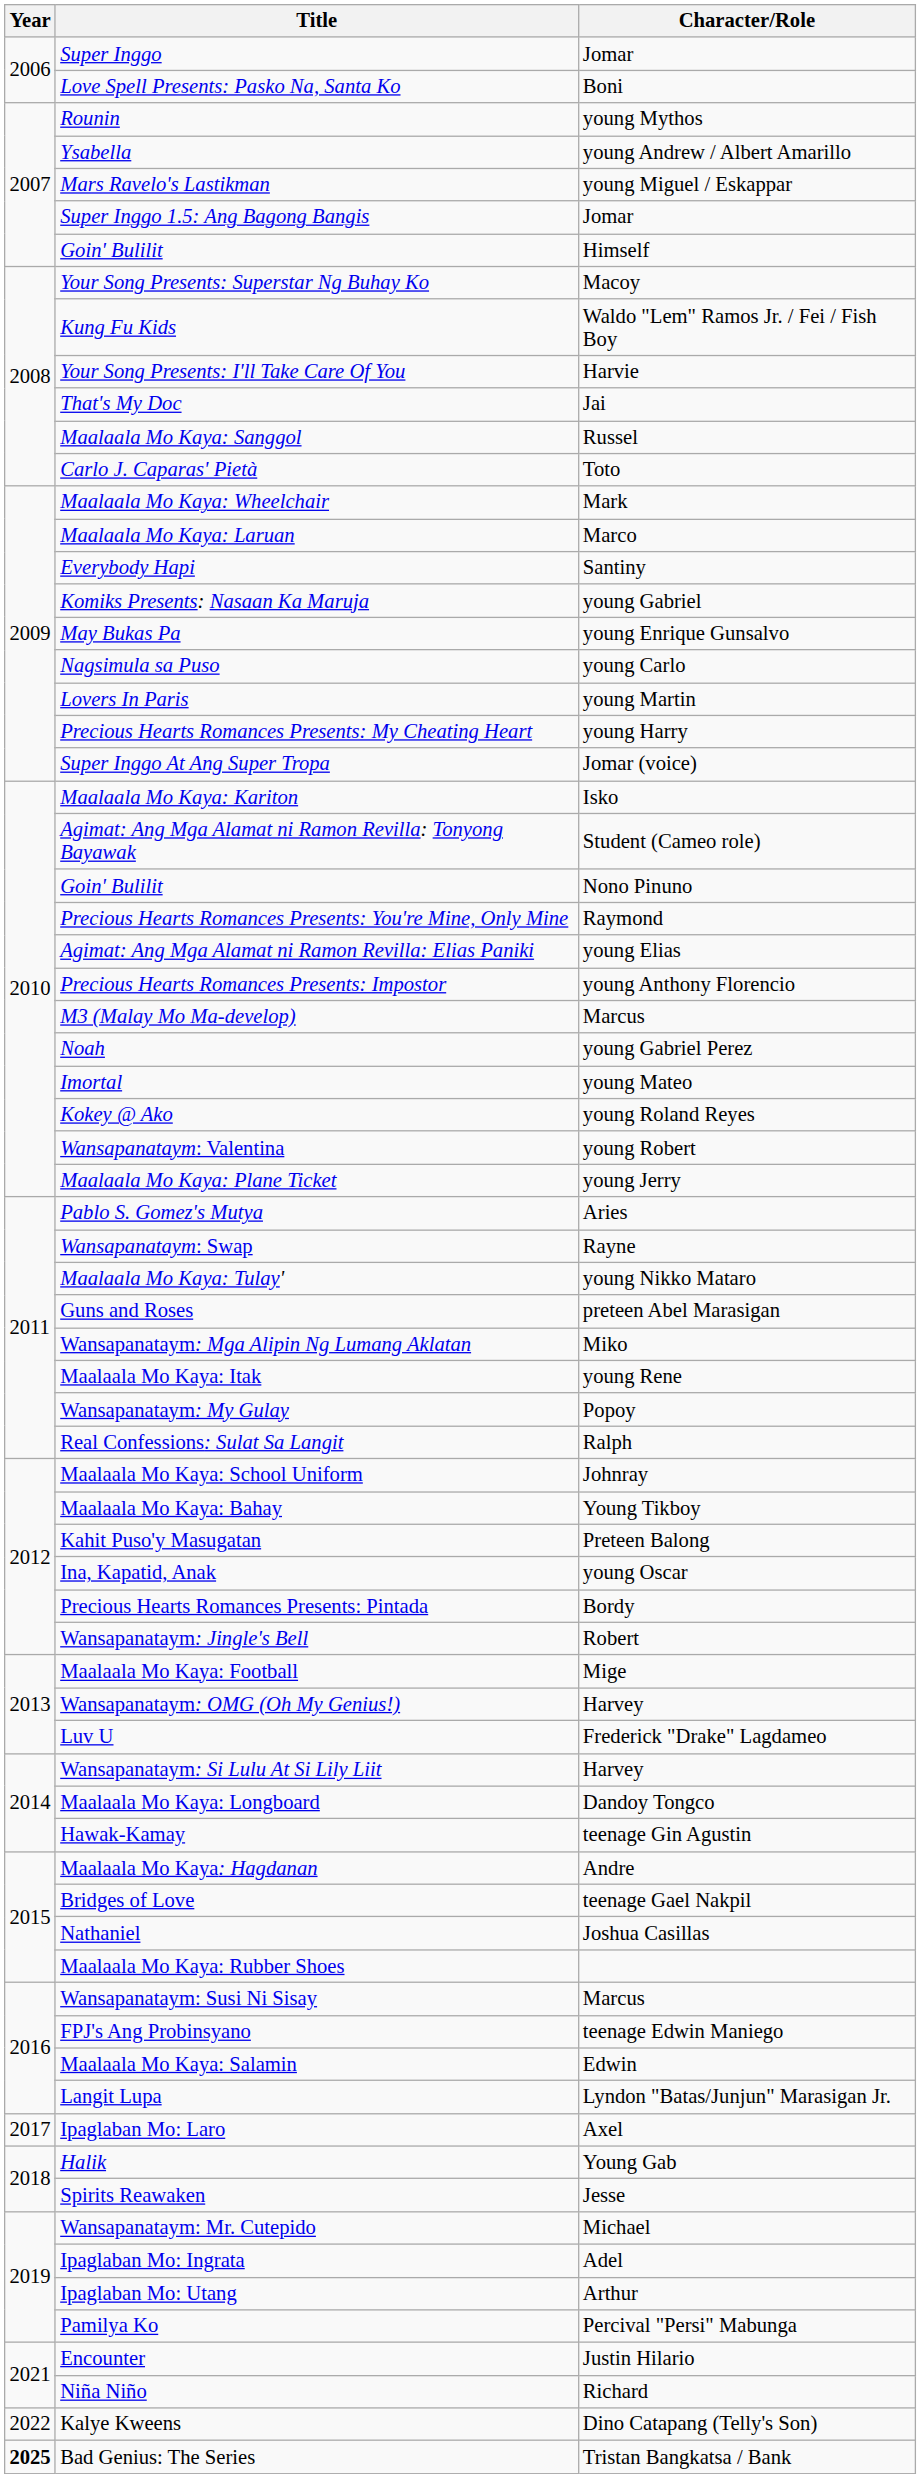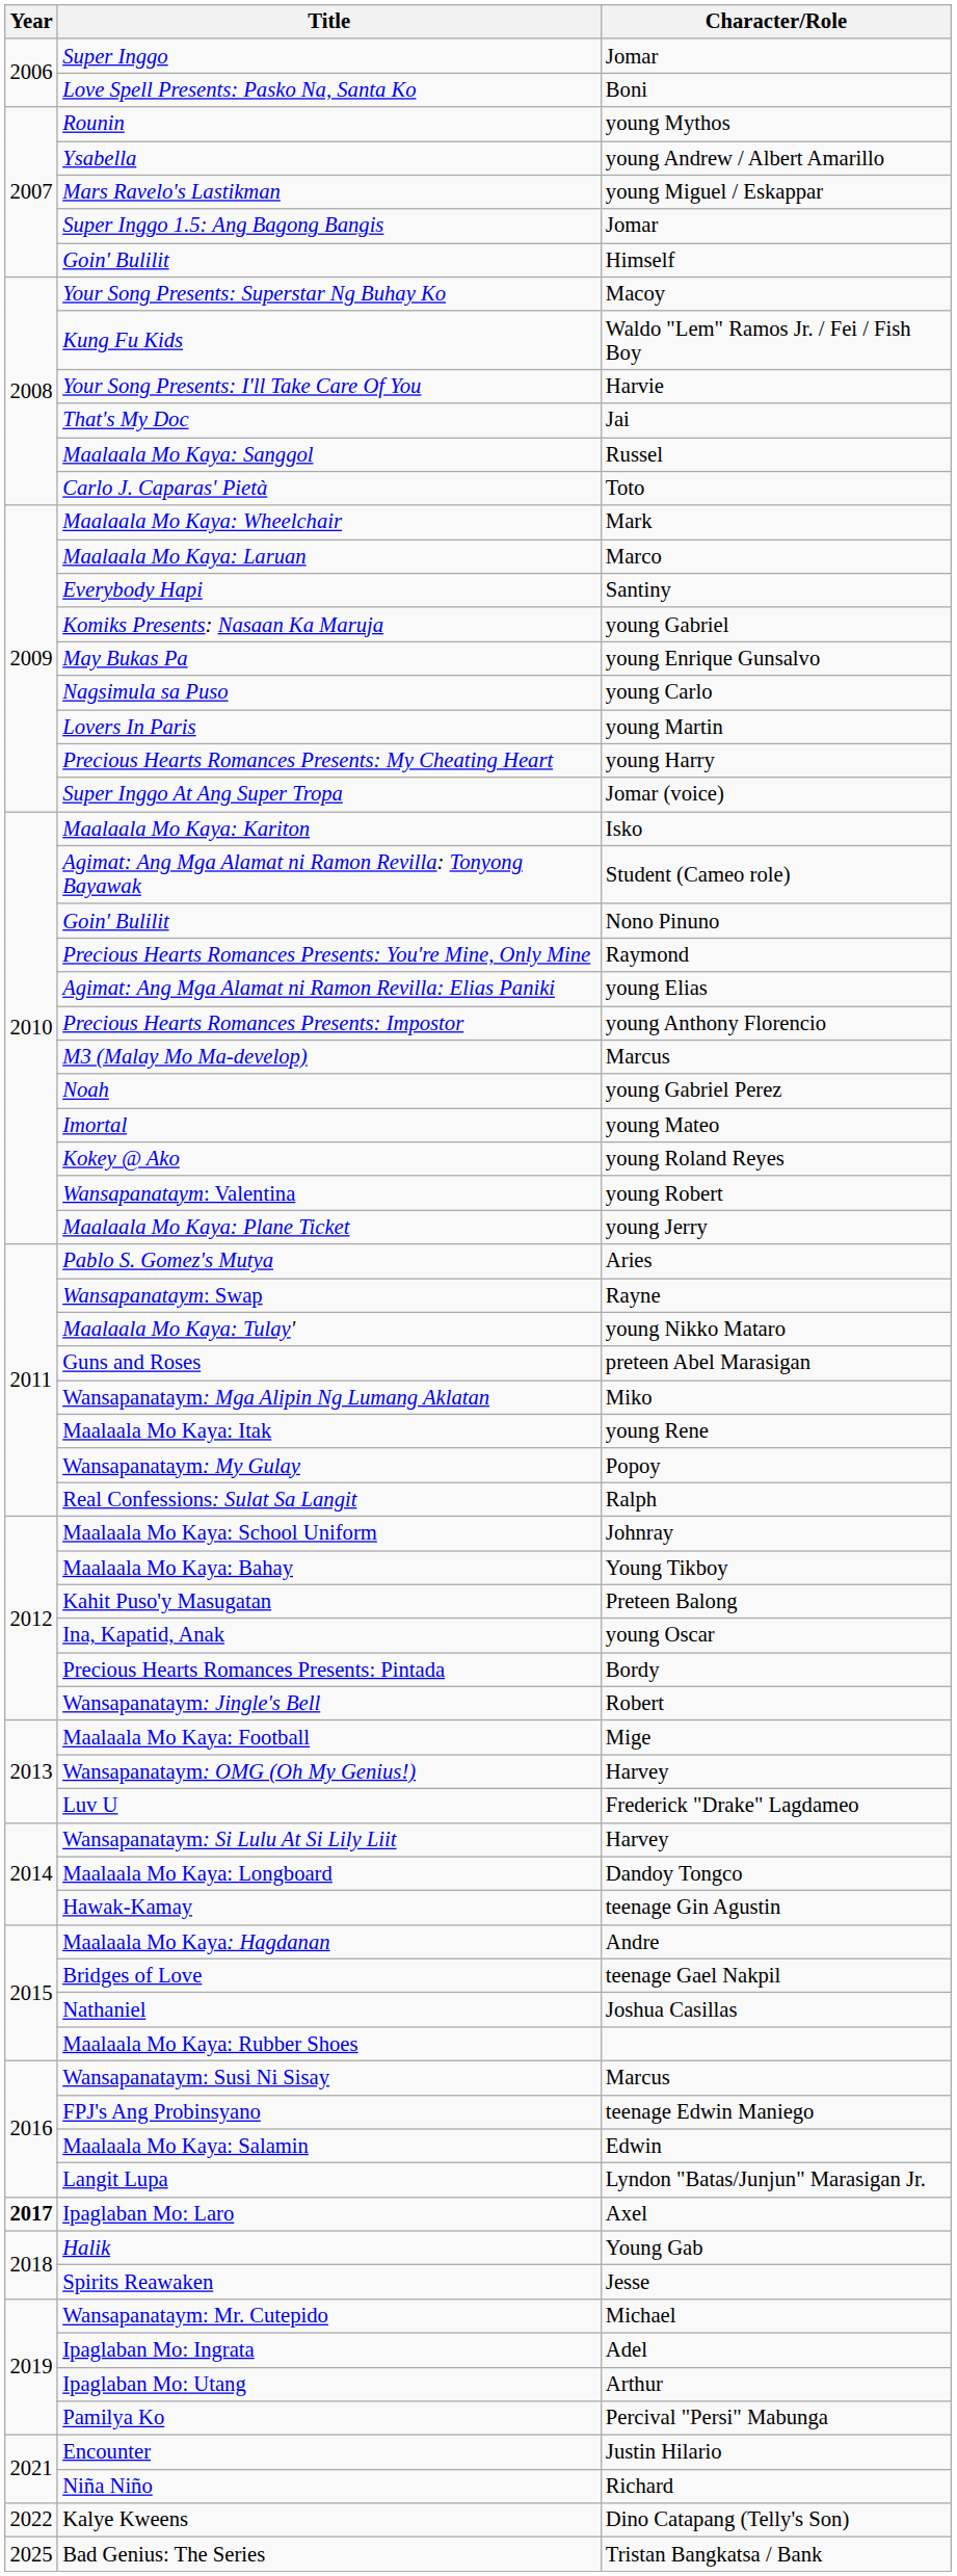 <table class="wikitable" style="width:80%">
 <tr>
 <th>Year</th>
 <th>Title</th>
 <th>Character/Role</th>
 </tr>
 <tr>
 <td rowspan=2>2006</td>
 <td><em><a href='#'>Super Inggo</a></em></td>
 <td>Jomar</td>
 </tr>
 <tr>
 <td><em><a href='#'> Love Spell Presents: Pasko Na, Santa Ko</a></em></td>
 <td>Boni</td>
 </tr>
 <tr>
 <td rowspan=5>2007</td>
 <td><em><a href='#'>Rounin</a></em></td>
 <td>young Mythos</td>
 </tr>
 <tr>
 <td><em><a href='#'>Ysabella</a></em></td>
 <td>young Andrew / Albert Amarillo</td>
 </tr>
 <tr>
 <td><em><a href='#'>Mars Ravelo's Lastikman</a></em></td>
 <td>young Miguel / Eskappar</td>
 </tr>
 <tr>
 <td><em><a href='#'>Super Inggo 1.5: Ang Bagong Bangis</a></em></td>
 <td>Jomar</td>
 </tr>
 <tr>
 <td><em><a href='#'>Goin' Bulilit</a></em></td>
 <td>Himself</td>
 </tr>
 <tr>
 <td rowspan=6>2008</td>
 <td><em><a href='#'>Your Song Presents: Superstar Ng Buhay Ko</a></em></td>
 <td>Macoy</td>
 </tr>
 <tr>
 <td><em><a href='#'>Kung Fu Kids</a></em></td>
 <td>Waldo "Lem" Ramos Jr. / Fei / Fish Boy</td>
 </tr>
 <tr>
 <td><em><a href='#'>Your Song Presents: I'll Take Care Of You</a></em></td>
 <td>Harvie</td>
 </tr>
 <tr>
 <td><em><a href='#'>That's My Doc</a></em></td>
 <td>Jai</td>
 </tr>
 <tr>
 <td><em><a href='#'> Maalaala Mo Kaya: Sanggol</a></em></td>
 <td>Russel</td>
 </tr>
 <tr>
 <td><em><a href='#'>Carlo J. Caparas' Pietà</a></em></td>
 <td>Toto</td>
 </tr>
 <tr>
 <td rowspan=9>2009</td>
 <td><em><a href='#'> Maalaala Mo Kaya: Wheelchair</a></em></td>
 <td>Mark</td>
 </tr>
 <tr>
 <td><em><a href='#'> Maalaala Mo Kaya: Laruan</a></em></td>
 <td>Marco</td>
 </tr>
 <tr>
 <td><em><a href='#'>Everybody Hapi</a></em></td>
 <td>Santiny</td>
 </tr>
 <tr>
 <td><em><a href='#'>Komiks Presents</a>: <a href='#'>Nasaan Ka Maruja</a></em></td>
 <td>young Gabriel</td>
 </tr>
 <tr>
 <td><em><a href='#'>May Bukas Pa</a></em></td>
 <td>young Enrique Gunsalvo</td>
 </tr>
 <tr>
 <td><em><a href='#'>Nagsimula sa Puso</a></em></td>
 <td>young Carlo</td>
 </tr>
 <tr>
 <td><em><a href='#'>Lovers In Paris</a></em></td>
 <td>young Martin</td>
 </tr>
 <tr>
 <td><em><a href='#'>Precious Hearts Romances Presents: My Cheating Heart</a></em></td>
 <td>young Harry</td>
 </tr>
 <tr>
 <td><em><a href='#'>Super Inggo At Ang Super Tropa</a></em></td>
 <td>Jomar (voice)</td>
 </tr>
 <tr>
 <td rowspan=12>2010</td>
 <td><em><a href='#'> Maalaala Mo Kaya: Kariton</a></em></td>
 <td>Isko</td>
 </tr>
 <tr>
 <td><em><a href='#'>Agimat: Ang Mga Alamat ni Ramon Revilla</a>: <a href='#'>Tonyong Bayawak</a></em></td>
 <td>Student (Cameo role)</td>
 </tr>
 <tr>
 <td><em><a href='#'>Goin' Bulilit</a></em></td>
 <td>Nono Pinuno</td>
 </tr>
 <tr>
 <td><em><a href='#'>Precious Hearts Romances Presents: You're Mine, Only Mine</a></em></td>
 <td>Raymond</td>
 </tr>
 <tr>
 <td><em><a href='#'> Agimat: Ang Mga Alamat ni Ramon Revilla: Elias Paniki</a></em></td>
 <td>young Elias</td>
 </tr>
 <tr>
 <td><em><a href='#'>Precious Hearts Romances Presents: Impostor</a></em></td>
 <td>young Anthony Florencio</td>
 </tr>
 <tr>
 <td><em><a href='#'>M3 (Malay Mo Ma-develop)</a></em></td>
 <td>Marcus</td>
 </tr>
 <tr>
 <td><em><a href='#'>Noah</a></em></td>
 <td>young Gabriel Perez</td>
 </tr>
 <tr>
 <td><em><a href='#'>Imortal</a></em></td>
 <td>young Mateo</td>
 </tr>
 <tr>
 <td><em><a href='#'>Kokey @ Ako</a></em></td>
 <td>young Roland Reyes</td>
 </tr>
 <tr>
 <td><a href='#'><em>Wansapanataym</em>: Valentina</a></td>
 <td>young Robert</td>
 </tr>
 <tr>
 <td><em><a href='#'> Maalaala Mo Kaya: Plane Ticket</a></em></td>
 <td>young Jerry</td>
 </tr>
 <tr>
 <td rowspan=8>2011</td>
 <td><em><a href='#'>Pablo S. Gomez's Mutya</a></em></td>
 <td>Aries</td>
 </tr>
 <tr>
 <td><a href='#'><em>Wansapanataym</em>: Swap</a></td>
 <td>Rayne</td>
 </tr>
 <tr>
 <td><em><a href='#'> Maalaala Mo Kaya: Tulay</a>'</td>
 <td>young Nikko Mataro</td>
 </tr>
 <tr>
 <td></em><a href='#'>Guns and Roses</a><em></td>
 <td>preteen Abel Marasigan</td>
 </tr>
 <tr>
 <td><a href='#'></em>Wansapanataym<em>: Mga Alipin Ng Lumang Aklatan</a></td>
 <td>Miko</td>
 </tr>
 <tr>
 <td></em><a href='#'> Maalaala Mo Kaya: Itak</a><em></td>
 <td>young Rene</td>
 </tr>
 <tr>
 <td><a href='#'></em>Wansapanataym<em>: My Gulay</a></td>
 <td>Popoy</td>
 </tr>
 <tr>
 <td><a href='#'></em>Real Confessions<em>: Sulat Sa Langit</a></td>
 <td>Ralph</td>
 </tr>
 <tr>
 <td rowspan=6>2012</td>
 <td></em><a href='#'> Maalaala Mo Kaya: School Uniform</a><em></td>
 <td>Johnray</td>
 </tr>
 <tr>
 <td></em><a href='#'> Maalaala Mo Kaya: Bahay</a><em></td>
 <td>Young Tikboy</td>
 </tr>
 <tr>
 <td></em><a href='#'>Kahit Puso'y Masugatan</a><em></td>
 <td>Preteen Balong</td>
 </tr>
 <tr>
 <td></em><a href='#'>Ina, Kapatid, Anak</a><em></td>
 <td>young Oscar</td>
 </tr>
 <tr>
 <td></em><a href='#'>Precious Hearts Romances Presents: Pintada</a><em></td>
 <td>Bordy</td>
 </tr>
 <tr>
 <td><a href='#'></em>Wansapanataym<em>: Jingle's Bell</a></td>
 <td>Robert</td>
 </tr>
 <tr>
 <td rowspan=3>2013</td>
 <td></em><a href='#'> Maalaala Mo Kaya: Football</a><em></td>
 <td>Mige</td>
 </tr>
 <tr>
 <td><a href='#'></em>Wansapanataym<em>: OMG (Oh My Genius!)</a></td>
 <td>Harvey</td>
 </tr>
 <tr>
 <td></em><a href='#'>Luv U</a><em></td>
 <td>Frederick "Drake" Lagdameo</td>
 </tr>
 <tr>
 <td rowspan=3>2014</td>
 <td><a href='#'></em>Wansapanataym<em>: Si Lulu At Si Lily Liit</a></td>
 <td>Harvey</td>
 </tr>
 <tr>
 <td></em><a href='#'> Maalaala Mo Kaya: Longboard</a><em></td>
 <td>Dandoy Tongco</td>
 </tr>
 <tr>
 <td></em><a href='#'>Hawak-Kamay</a><em></td>
 <td>teenage Gin Agustin</td>
 </tr>
 <tr>
 <td rowspan=4>2015</td>
 <td><a href='#'></em>Maalaala Mo Kaya<em>: Hagdanan</a></td>
 <td>Andre</td>
 </tr>
 <tr>
 <td></em><a href='#'>Bridges of Love</a><em></td>
 <td>teenage Gael Nakpil</td>
 </tr>
 <tr>
 <td></em><a href='#'>Nathaniel</a><em></td>
 <td>Joshua Casillas</td>
 </tr>
 <tr>
 <td></em><a href='#'> Maalaala Mo Kaya: Rubber Shoes</a><em></td>
 <td></td>
 </tr>
 <tr>
 <td rowspan=4>2016</td>
 <td></em><a href='#'> Wansapanataym: Susi Ni Sisay</a><em></td>
 <td>Marcus</td>
 </tr>
 <tr>
 <td></em><a href='#'>FPJ's Ang Probinsyano</a><em></td>
 <td>teenage Edwin Maniego</td>
 </tr>
 <tr>
 <td></em><a href='#'> Maalaala Mo Kaya: Salamin</a><em></td>
 <td>Edwin</td>
 </tr>
 <tr>
 <td></em><a href='#'>Langit Lupa</a><em></td>
 <td>Lyndon "Batas/Junjun" Marasigan Jr.</td>
 </tr>
 <tr>
-<td rowspan=1>2017</td>
+<td rowspan=1><strong>2017</strong></td>
 <td></em><a href='#'>Ipaglaban Mo: Laro</a><em></td>
 <td>Axel</td>
 </tr>
 <tr>
 <td rowspan=2>2018</td>
 <td></em><a href='#'><em>Halik</em></a><em></td>
 <td>Young Gab</td>
 </tr>
 <tr>
 <td></em><a href='#'>Spirits Reawaken</a><em></td>
 <td>Jesse</td>
 </tr>
 <tr>
 <td rowspan=4>2019</td>
 <td></em><a href='#'> Wansapanataym: Mr. Cutepido</a><em></td>
 <td>Michael</td>
 </tr>
 <tr>
 <td></em><a href='#'>Ipaglaban Mo: Ingrata</a><em></td>
 <td>Adel</td>
 </tr>
 <tr>
 <td></em><a href='#'>Ipaglaban Mo: Utang</a><em></td>
 <td>Arthur</td>
 </tr>
 <tr>
 <td></em><a href='#'>Pamilya Ko</a><em></td>
 <td>Percival "Persi" Mabunga</td>
 </tr>
 <tr>
 <td rowspan=2>2021</td>
 <td></em><a href='#'>Encounter</a><em></td>
 <td>Justin Hilario</td>
 </tr>
 <tr>
 <td></em><a href='#'>Niña Niño</a><em></td>
 <td>Richard</td>
 </tr>
 <tr>
 <td>2022</td>
 <td></em>Kalye Kweens<em></td>
 <td>Dino Catapang (Telly's Son)</td>
 </tr>
 <tr>
-<td><strong>2025</strong></td>
+<td>2025</td>
 <td></em>Bad Genius: The Series<em></td>
 <td>Tristan Bangkatsa / Bank</td>
 </tr>
 </table>
